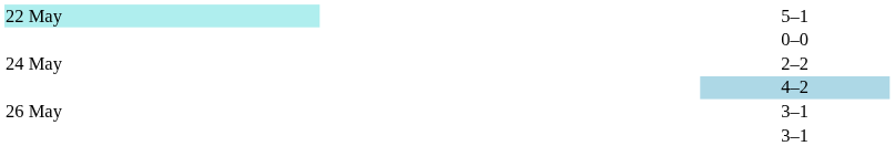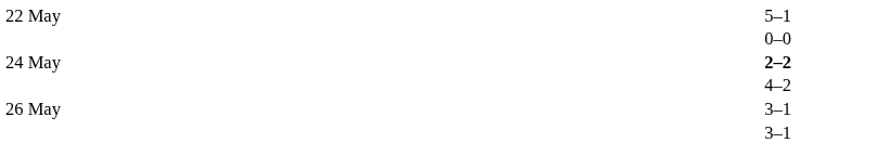 <table cellspacing=1 width=70%>
 <tr>
 <th width=25%></th>
 <th width=30%></th>
 <th width=15%></th>
 <th width=30%></th>
 </tr>
 <tr>
-<td style="background: paleturquoise;">22 May</td>
+<td>22 May</td>
 <td align=right></td>
 <td align=center>5–1</td>
 <td></td>
 </tr>
 <tr>
 <td></td>
 <td align=right></td>
 <td align=center>0–0</td>
 <td></td>
 </tr>
 <tr>
 <td>24 May</td>
 <td align=right></td>
-<td align=center>2–2</td>
+<td align=center><strong>2–2</strong></td>
 <td></td>
 </tr>
 <tr>
 <td></td>
 <td align=right></td>
-<td align=center style="background: lightblue;">4–2</td>
+<td align=center>4–2</td>
 <td></td>
 </tr>
 <tr>
 <td>26 May</td>
 <td align=right></td>
 <td align=center>3–1</td>
 <td></td>
 </tr>
 <tr>
 <td></td>
 <td align=right></td>
 <td align=center>3–1</td>
 <td></td>
 </tr>
 </table>
